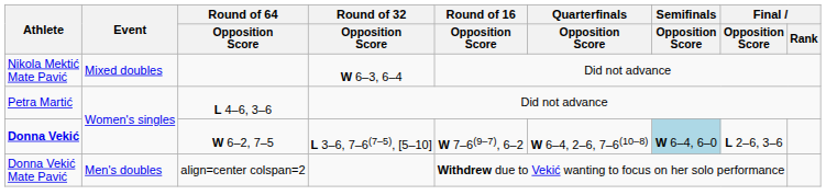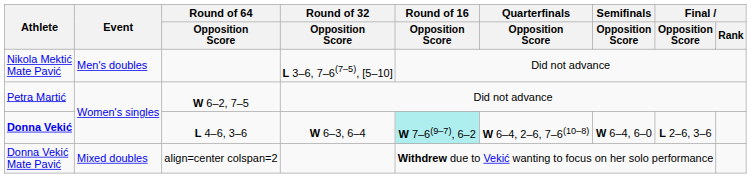 <table class=wikitable style="font-size:90%">
 <tr>
 <th rowspan="2">Athlete</th>
 <th rowspan="2">Event</th>
 <th>Round of 64</th>
 <th>Round of 32</th>
 <th>Round of 16</th>
 <th>Quarterfinals</th>
 <th>Semifinals</th>
 <th colspan=2>Final / </th>
 </tr>
 <tr style="font-size:95%">
 <th>Opposition<br>Score</th>
 <th>Opposition<br>Score</th>
 <th>Opposition<br>Score</th>
 <th>Opposition<br>Score</th>
 <th>Opposition<br>Score</th>
 <th>Opposition<br>Score</th>
 <th>Rank</th>
 </tr>
 <tr align=center>
 <td align=left><a href='#'>Nikola Mektić</a><br><a href='#'>Mate Pavić</a></td>
-<td align=left><a href='#'>Mixed doubles</a></td>
+<td align=left><a href='#'>Men's doubles</a></td>
 <td></td>
-<td><br><strong>W</strong> 6–3, 6–4</td>
+<td><br><strong>L</strong> 3–6, 7–6<sup>(7–5)</sup>, [5–10]</td>
 <td colspan="5">Did not advance</td>
 </tr>
 <tr align=center>
 <td align=left><a href='#'>Petra Martić</a></td>
 <td align=left rowspan=2><a href='#'>Women's singles</a></td>
-<td><br><strong>L</strong> 4–6, 3–6</td>
+<td><br><strong>W</strong> 6–2, 7–5</td>
 <td colspan="6">Did not advance</td>
 </tr>
 <tr align=center>
 <td align=left><strong><a href='#'>Donna Vekić</a></strong></td>
-<td><br><strong>W</strong> 6–2, 7–5</td>
-<td><br><strong>L</strong> 3–6, 7–6<sup>(7–5)</sup>, [5–10]</td>
-<td><br><strong>W</strong> 7–6<sup>(9–7)</sup>, 6–2</td>
+<td><br><strong>L</strong> 4–6, 3–6</td>
+<td><br><strong>W</strong> 6–3, 6–4</td>
+<td style="background: paleturquoise;"><br><strong>W</strong> 7–6<sup>(9–7)</sup>, 6–2</td>
 <td><br><strong>W</strong> 6–4, 2–6, 7–6<sup>(10–8)</sup></td>
-<td style="background: lightblue;"><br><strong>W</strong> 6–4, 6–0</td>
+<td><br><strong>W</strong> 6–4, 6–0</td>
 <td><br><strong>L</strong> 2–6, 3–6</td>
 <td></td>
 </tr>
 <tr align=center>
 <td align=left><a href='#'>Donna Vekić</a><br><a href='#'>Mate Pavić</a></td>
-<td align=left><a href='#'>Men's doubles</a></td>
+<td align=left><a href='#'>Mixed doubles</a></td>
 <td>align=center colspan=2</td>
 <td></td>
 <td colspan="4"><strong>Withdrew</strong> due to <a href='#'>Vekić</a> wanting to focus on her solo performance</td>
 </tr>
 </table>
